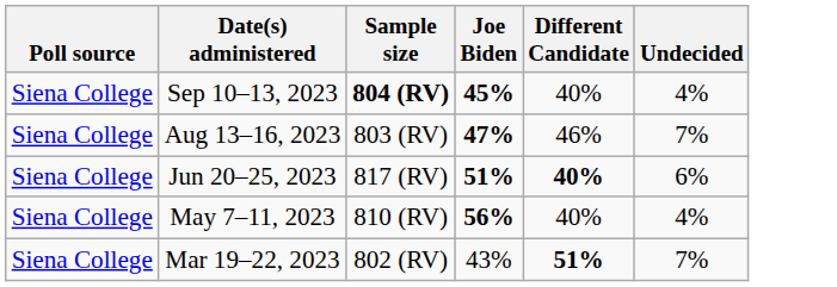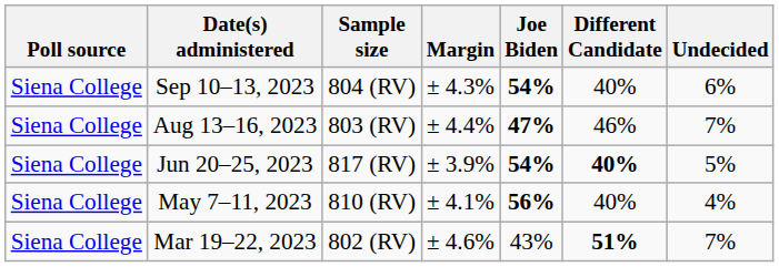 <table class="wikitable mw-datatable" style="font-size:90%;text-align:center;">
 <tr valign=bottom style="font-size:90%;">
 <th>Poll source</th>
 <th>Date(s)<br>administered</th>
 <th>Sample<br>size</th>
+<th>Margin<br></th>
 <th>Joe<br>Biden</th>
 <th>Different<br>Candidate</th>
 <th>Undecided</th>
 </tr>
 <tr>
 <td><a href='#'>Siena College</a></td>
 <td>Sep 10–13, 2023</td>
-<td><strong>804 (RV)</strong></td>
-<td style="color:black;background-color:"><strong>45%</strong></td>
+<td>804 (RV)</td>
+<td>± 4.3%</td>
+<td style="color:black;background-color:"><strong>54%</strong></td>
 <td>40%</td>
-<td>4%</td>
+<td>6%</td>
 </tr>
 <tr>
 <td><a href='#'>Siena College</a></td>
 <td>Aug 13–16, 2023</td>
 <td>803 (RV)</td>
+<td>± 4.4%</td>
 <td style="color:black;background-color:"><strong>47%</strong></td>
 <td>46%</td>
 <td>7%</td>
 </tr>
 <tr>
 <td><a href='#'>Siena College</a></td>
 <td>Jun 20–25, 2023</td>
 <td>817 (RV)</td>
-<td style="color:black;background-color:"><strong>51%</strong></td>
+<td>± 3.9%</td>
+<td style="color:black;background-color:"><strong>54%</strong></td>
 <td><strong>40%</strong></td>
-<td>6%</td>
+<td>5%</td>
 </tr>
 <tr>
 <td><a href='#'>Siena College</a></td>
 <td>May 7–11, 2023</td>
 <td>810 (RV)</td>
+<td>± 4.1%</td>
 <td style="color:black;background-color:"><strong>56%</strong></td>
 <td>40%</td>
 <td>4%</td>
 </tr>
 <tr>
 <td><a href='#'>Siena College</a></td>
 <td>Mar 19–22, 2023</td>
 <td>802 (RV)</td>
+<td>± 4.6%</td>
 <td>43%</td>
 <td style="color:black;background-color:"><strong>51%</strong></td>
 <td>7%</td>
 </tr>
 </table>
